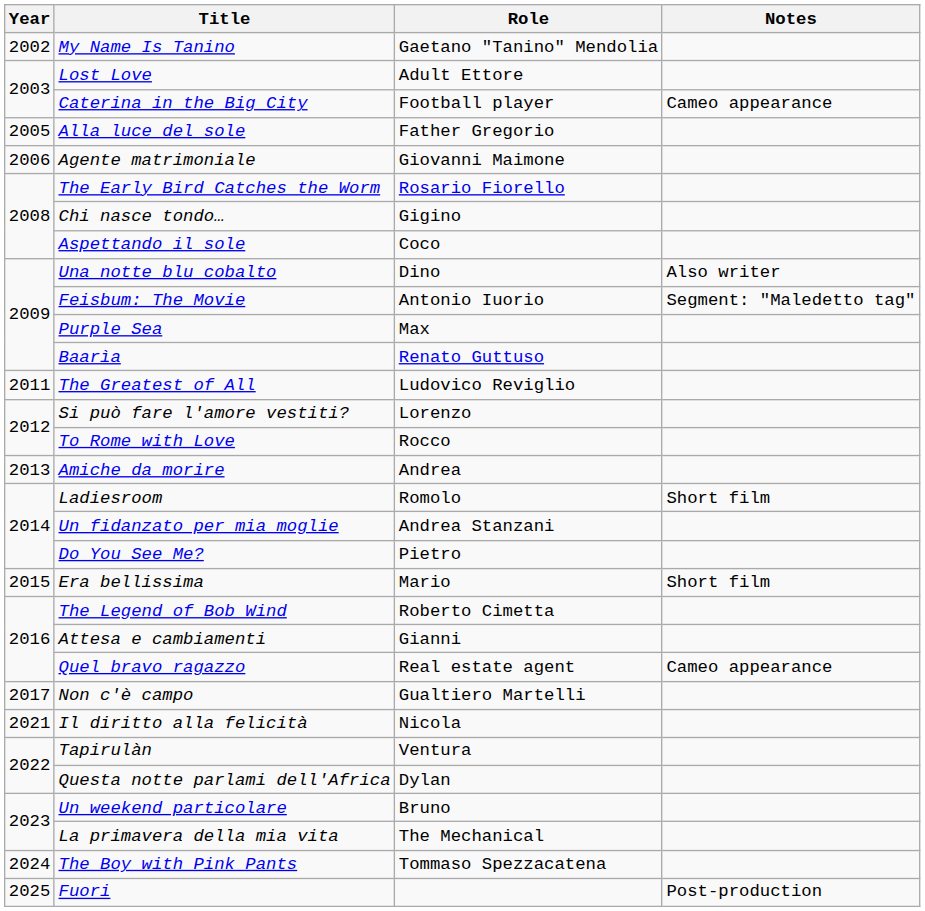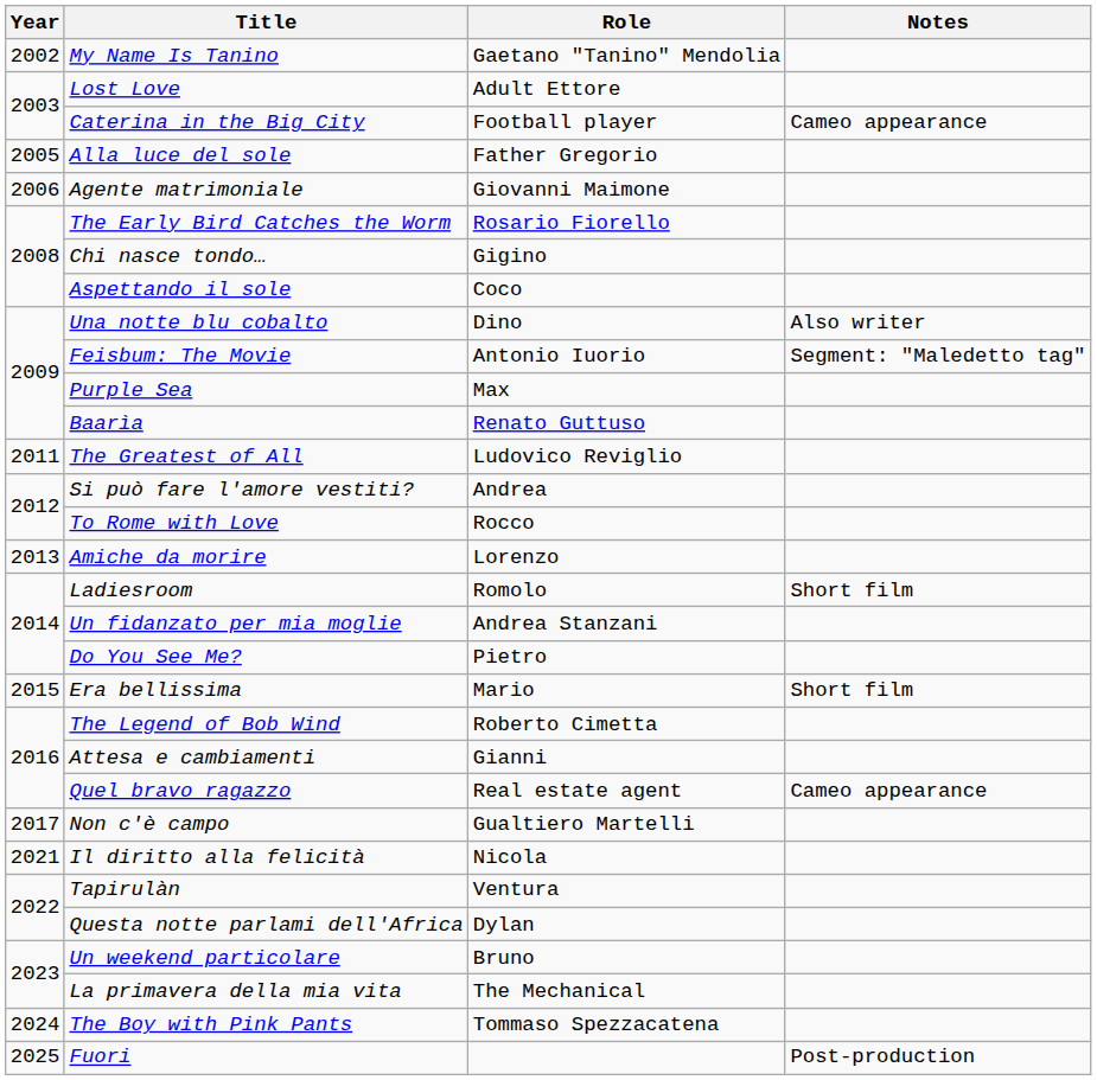 <table class="wikitable plainrowheaders sortable">
 <tr>
 <th scope="col">Year</th>
 <th scope="col">Title</th>
 <th scope="col">Role</th>
 <th scope="col" class="unsortable">Notes</th>
 </tr>
 <tr>
 <td>2002</td>
 <td><em><a href='#'>My Name Is Tanino</a></em></td>
 <td>Gaetano "Tanino" Mendolia</td>
 <td></td>
 </tr>
 <tr>
 <td rowspan=2>2003</td>
 <td><em><a href='#'>Lost Love</a></em></td>
 <td>Adult Ettore</td>
 <td></td>
 </tr>
 <tr>
 <td><em><a href='#'>Caterina in the Big City</a></em></td>
 <td>Football player</td>
 <td>Cameo appearance</td>
 </tr>
 <tr>
 <td>2005</td>
 <td><em><a href='#'>Alla luce del sole</a></em></td>
 <td>Father Gregorio</td>
 <td></td>
 </tr>
 <tr>
 <td>2006</td>
 <td><em>Agente matrimoniale</em></td>
 <td>Giovanni Maimone</td>
 <td></td>
 </tr>
 <tr>
 <td rowspan=3>2008</td>
 <td><em><a href='#'>The Early Bird Catches the Worm</a></em></td>
 <td><a href='#'>Rosario Fiorello</a></td>
 <td></td>
 </tr>
 <tr>
 <td><em>Chi nasce tondo…</em></td>
 <td>Gigino</td>
 <td></td>
 </tr>
 <tr>
 <td><em><a href='#'>Aspettando il sole</a></em></td>
 <td>Coco</td>
 <td></td>
 </tr>
 <tr>
 <td rowspan=4>2009</td>
 <td><em><a href='#'>Una notte blu cobalto</a></em></td>
 <td>Dino</td>
 <td>Also writer</td>
 </tr>
 <tr>
 <td><em><a href='#'>Feisbum: The Movie</a></em></td>
 <td>Antonio Iuorio</td>
 <td>Segment: "Maledetto tag"</td>
 </tr>
 <tr>
 <td><em><a href='#'>Purple Sea</a></em></td>
 <td>Max</td>
 <td></td>
 </tr>
 <tr>
 <td><em><a href='#'>Baarìa</a></em></td>
 <td><a href='#'>Renato Guttuso</a></td>
 <td></td>
 </tr>
 <tr>
 <td>2011</td>
 <td><em><a href='#'>The Greatest of All</a></em></td>
 <td>Ludovico Reviglio</td>
 <td></td>
 </tr>
 <tr>
 <td rowspan=2>2012</td>
 <td><em>Si può fare l'amore vestiti?</em></td>
-<td>Lorenzo</td>
+<td>Andrea</td>
 <td></td>
 </tr>
 <tr>
 <td><em><a href='#'>To Rome with Love</a></em></td>
 <td>Rocco</td>
 <td></td>
 </tr>
 <tr>
 <td>2013</td>
 <td><em><a href='#'>Amiche da morire</a></em></td>
-<td>Andrea</td>
+<td>Lorenzo</td>
 <td></td>
 </tr>
 <tr>
 <td rowspan=3>2014</td>
 <td><em>Ladiesroom</em></td>
 <td>Romolo</td>
 <td>Short film</td>
 </tr>
 <tr>
 <td><em><a href='#'>Un fidanzato per mia moglie</a></em></td>
 <td>Andrea Stanzani</td>
 <td></td>
 </tr>
 <tr>
 <td><em><a href='#'>Do You See Me?</a></em></td>
 <td>Pietro</td>
 <td></td>
 </tr>
 <tr>
 <td>2015</td>
 <td><em>Era bellissima</em></td>
 <td>Mario</td>
 <td>Short film</td>
 </tr>
 <tr>
 <td rowspan=3>2016</td>
 <td><em><a href='#'>The Legend of Bob Wind</a></em></td>
 <td>Roberto Cimetta</td>
 <td></td>
 </tr>
 <tr>
 <td><em>Attesa e cambiamenti</em></td>
 <td>Gianni</td>
 <td></td>
 </tr>
 <tr>
 <td><em><a href='#'>Quel bravo ragazzo</a></em></td>
 <td>Real estate agent</td>
 <td>Cameo appearance</td>
 </tr>
 <tr>
 <td>2017</td>
 <td><em>Non c'è campo</em></td>
 <td>Gualtiero Martelli</td>
 <td></td>
 </tr>
 <tr>
 <td>2021</td>
 <td><em>Il diritto alla felicità</em></td>
 <td>Nicola</td>
 <td></td>
 </tr>
 <tr>
 <td rowspan=2>2022</td>
 <td><em>Tapirulàn</em></td>
 <td>Ventura</td>
 <td></td>
 </tr>
 <tr>
 <td><em>Questa notte parlami dell'Africa</em></td>
 <td>Dylan</td>
 <td></td>
 </tr>
 <tr>
 <td rowspan=2>2023</td>
 <td><em><a href='#'>Un weekend particolare</a></em></td>
 <td>Bruno</td>
 <td></td>
 </tr>
 <tr>
 <td><em>La primavera della mia vita</em></td>
 <td>The Mechanical</td>
 <td></td>
 </tr>
 <tr>
 <td>2024</td>
 <td><em><a href='#'>The Boy with Pink Pants</a></em></td>
 <td>Tommaso Spezzacatena</td>
 <td></td>
 </tr>
 <tr>
 <td>2025</td>
 <td><em><a href='#'>Fuori</a></em></td>
 <td></td>
 <td>Post-production</td>
 </tr>
 </table>
